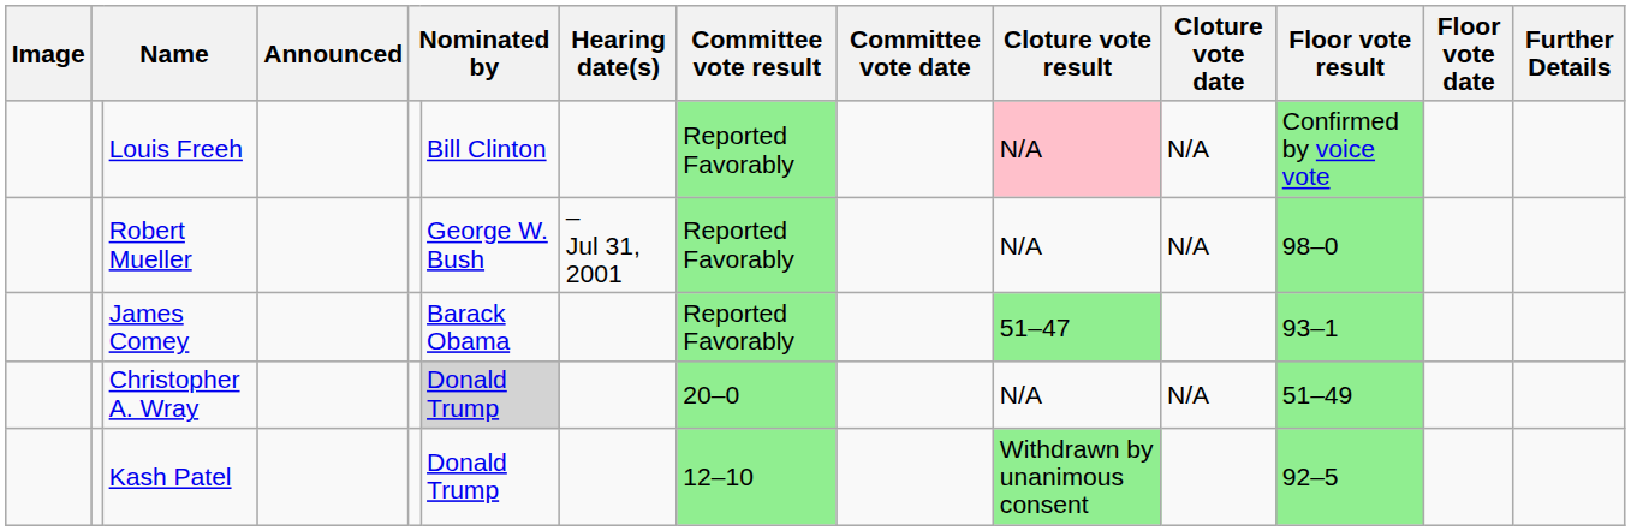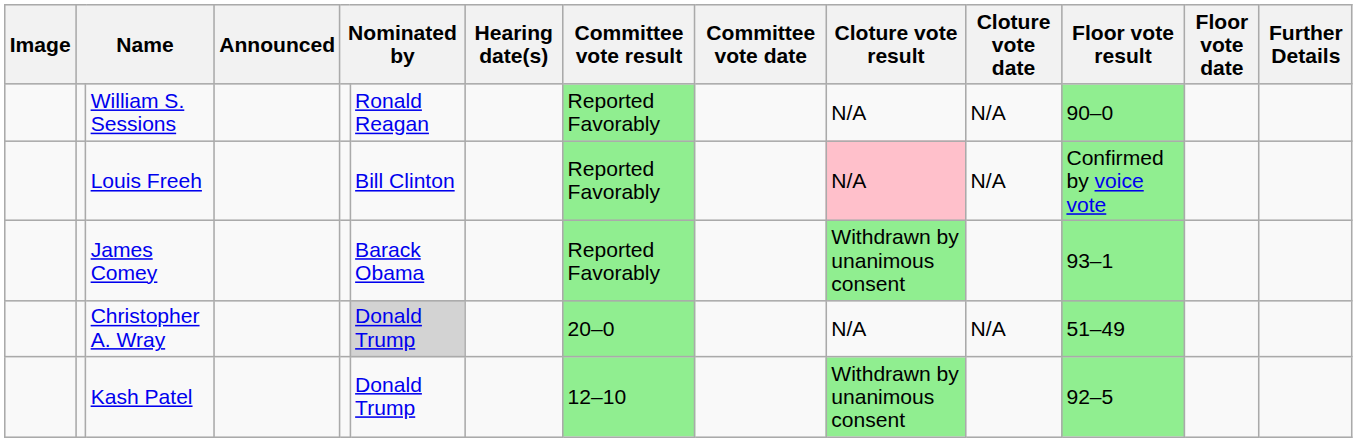 <table class="sortable wikitable" style="font-size: 85%;">
 <tr style="text-align:center">
 <th>Image</th>
 <th colspan=2>Name</th>
 <th>Announced</th>
 <th colspan=2>Nominated by</th>
 <th>Hearing date(s)</th>
 <th>Committee vote result</th>
 <th>Committee vote date</th>
 <th>Cloture vote result</th>
 <th>Cloture vote date</th>
 <th>Floor vote result</th>
 <th>Floor vote date</th>
 <th>Further Details</th>
+</tr>
+<tr>
+<td></td>
+<td style="background: "></td>
+<td><a href='#'>William S. Sessions</a></td>
+<td></td>
+<td style="background: "></td>
+<td><a href='#'>Ronald Reagan</a></td>
+<td></td>
+<td style="background: #90EE90;">Reported Favorably</td>
+<td></td>
+<td>N/A</td>
+<td>N/A</td>
+<td style="background: #90EE90;">90–0</td>
+<td></td>
+<td></td>
 </tr>
 <tr>
 <td></td>
 <td style="background: "></td>
 <td><a href='#'>Louis Freeh</a></td>
 <td></td>
 <td style="background: "></td>
 <td><a href='#'>Bill Clinton</a></td>
 <td></td>
 <td style="background: #90EE90;">Reported Favorably</td>
 <td></td>
 <td style="background: pink;">N/A</td>
 <td>N/A</td>
 <td style="background: #90EE90;">Confirmed by <a href='#'>voice vote</a></td>
 <td></td>
 <td></td>
 </tr>
 <tr>
 <td></td>
-<td style="background: "></td>
-<td><a href='#'>Robert Mueller</a></td>
-<td></td>
-<td style="background: "></td>
-<td><a href='#'>George W. Bush</a></td>
-<td> –<br>Jul 31, 2001</td>
-<td style="background: #90EE90;">Reported Favorably</td>
-<td></td>
-<td>N/A</td>
-<td>N/A</td>
-<td style="background: #90EE90;">98–0</td>
-<td></td>
-<td></td>
-</tr>
-<tr>
-<td></td>
 <td style="background: linear-gradient("></td>
 <td><a href='#'>James Comey</a></td>
 <td></td>
 <td style="background: "></td>
 <td><a href='#'>Barack Obama</a></td>
 <td></td>
 <td style="background: #90EE90;">Reported Favorably</td>
 <td></td>
-<td style="background: #90EE90;">51–47</td>
+<td style="background: #90EE90;">Withdrawn by unanimous consent</td>
 <td></td>
 <td style="background: #90EE90;">93–1</td>
 <td></td>
 <td></td>
 </tr>
 <tr>
 <td></td>
 <td style="background: "></td>
 <td><a href='#'>Christopher A. Wray</a></td>
 <td></td>
 <td style="background: "></td>
 <td style="background: lightgrey;"><a href='#'>Donald Trump</a></td>
 <td></td>
 <td style="background: #90EE90;">20–0</td>
 <td></td>
 <td>N/A</td>
 <td>N/A</td>
 <td style="background: #90EE90;">51–49</td>
 <td></td>
 <td></td>
 </tr>
 <tr>
 <td></td>
 <td style="background: "></td>
 <td><a href='#'>Kash Patel</a></td>
 <td></td>
 <td style="background: "></td>
 <td><a href='#'>Donald Trump</a></td>
 <td></td>
 <td style="background-color:#90EE90">12–10</td>
 <td></td>
 <td style="background: #90EE90;">Withdrawn by unanimous consent</td>
 <td></td>
 <td style="background: #90EE90;">92–5</td>
 <td></td>
 <td></td>
 </tr>
 </table>
